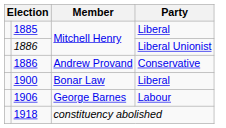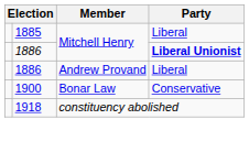 <table class="wikitable">
 <tr>
 <th colspan="2">Election</th>
 <th>Member </th>
 <th>Party</th>
 </tr>
 <tr>
 <td style="color:inherit;background-color: "></td>
 <td><a href='#'>1885</a></td>
 <td rowspan="2"><a href='#'>Mitchell Henry</a></td>
 <td><a href='#'>Liberal</a></td>
 </tr>
 <tr>
 <td style="color:inherit;background-color: "></td>
 <td><em>1886</em></td>
-<td><a href='#'>Liberal Unionist</a></td>
+<td><strong><a href='#'>Liberal Unionist</a></strong></td>
 </tr>
 <tr>
 <td style="color:inherit;background-color: "></td>
 <td><a href='#'>1886</a></td>
 <td><a href='#'>Andrew Provand</a></td>
-<td><a href='#'>Conservative</a></td>
+<td><a href='#'>Liberal</a></td>
 </tr>
 <tr>
 <td style="color:inherit;background-color: "></td>
 <td><a href='#'>1900</a></td>
 <td><a href='#'>Bonar Law</a></td>
-<td><a href='#'>Liberal</a></td>
-</tr>
-<tr>
-<td style="color:inherit;background-color: "></td>
-<td><a href='#'>1906</a></td>
-<td><a href='#'>George Barnes</a></td>
-<td><a href='#'>Labour</a></td>
+<td><a href='#'>Conservative</a></td>
 </tr>
 <tr>
 <td></td>
 <td><a href='#'>1918</a></td>
 <td colspan="2"><em>constituency abolished</em></td>
 </tr>
 </table>
